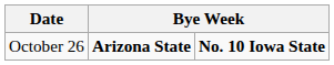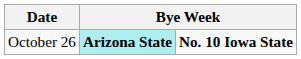 <table class="wikitable" style="font-size:95%;">
 <tr>
 <th>Date</th>
 <th colspan="2">Bye Week</th>
 </tr>
 <tr>
 <td>October 26</td>
-<td><strong>Arizona State</strong></td>
+<td style="background: paleturquoise;"><strong>Arizona State</strong></td>
 <td><strong>No. 10 Iowa State</strong></td>
 </tr>
 </table>
